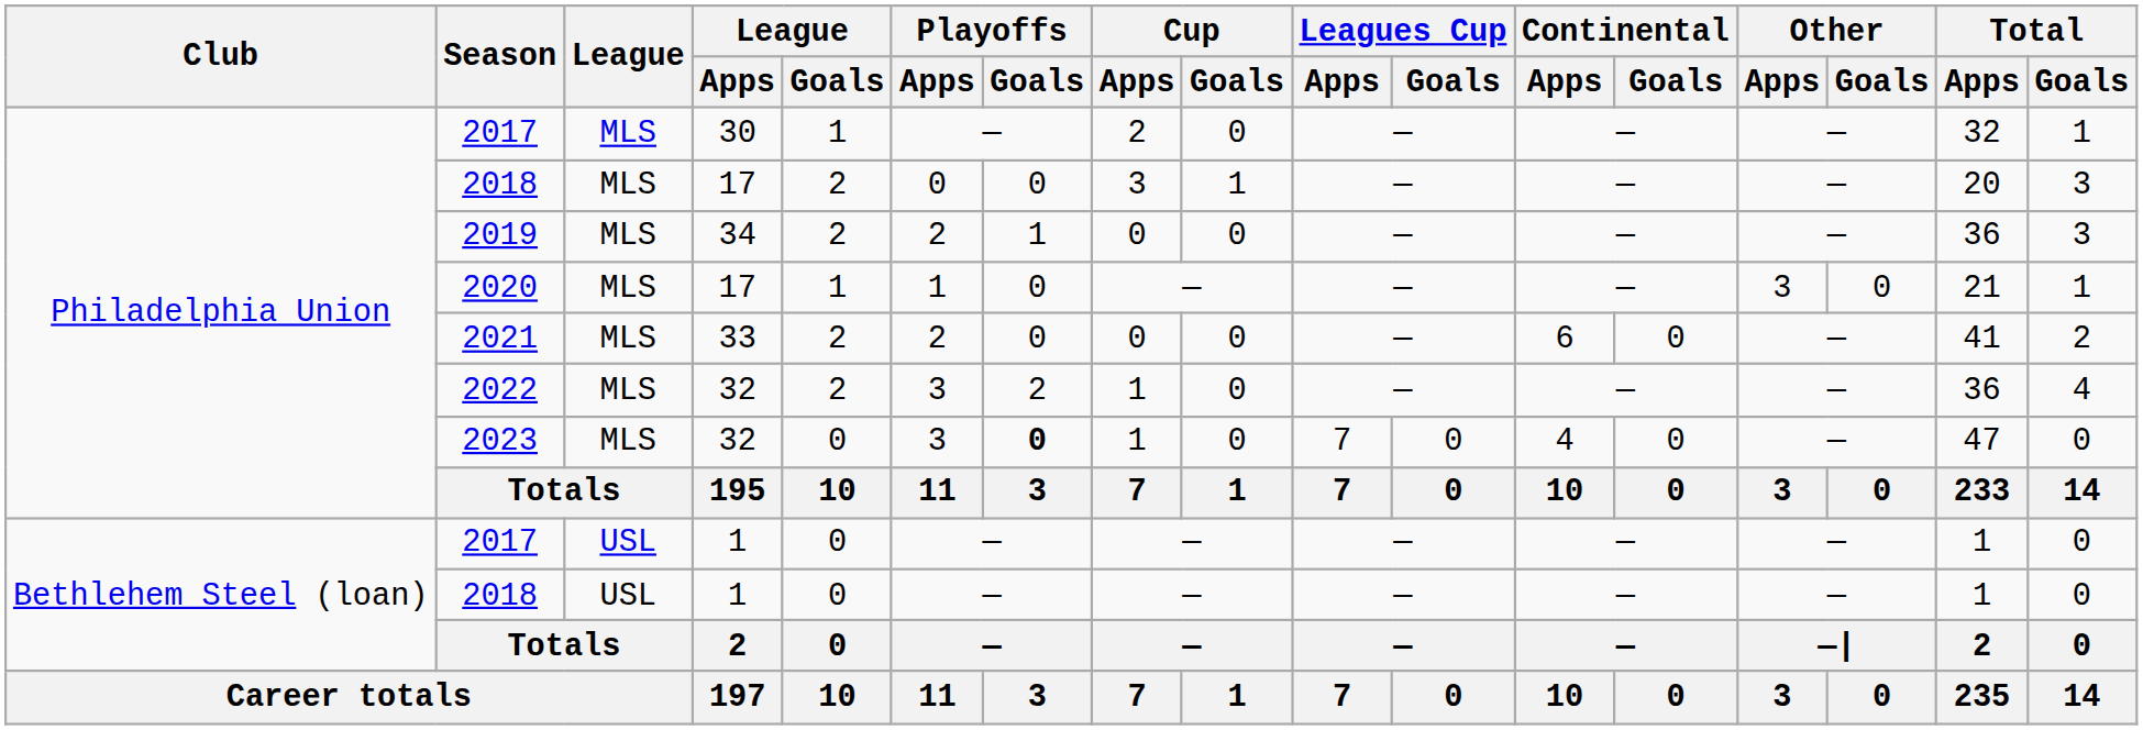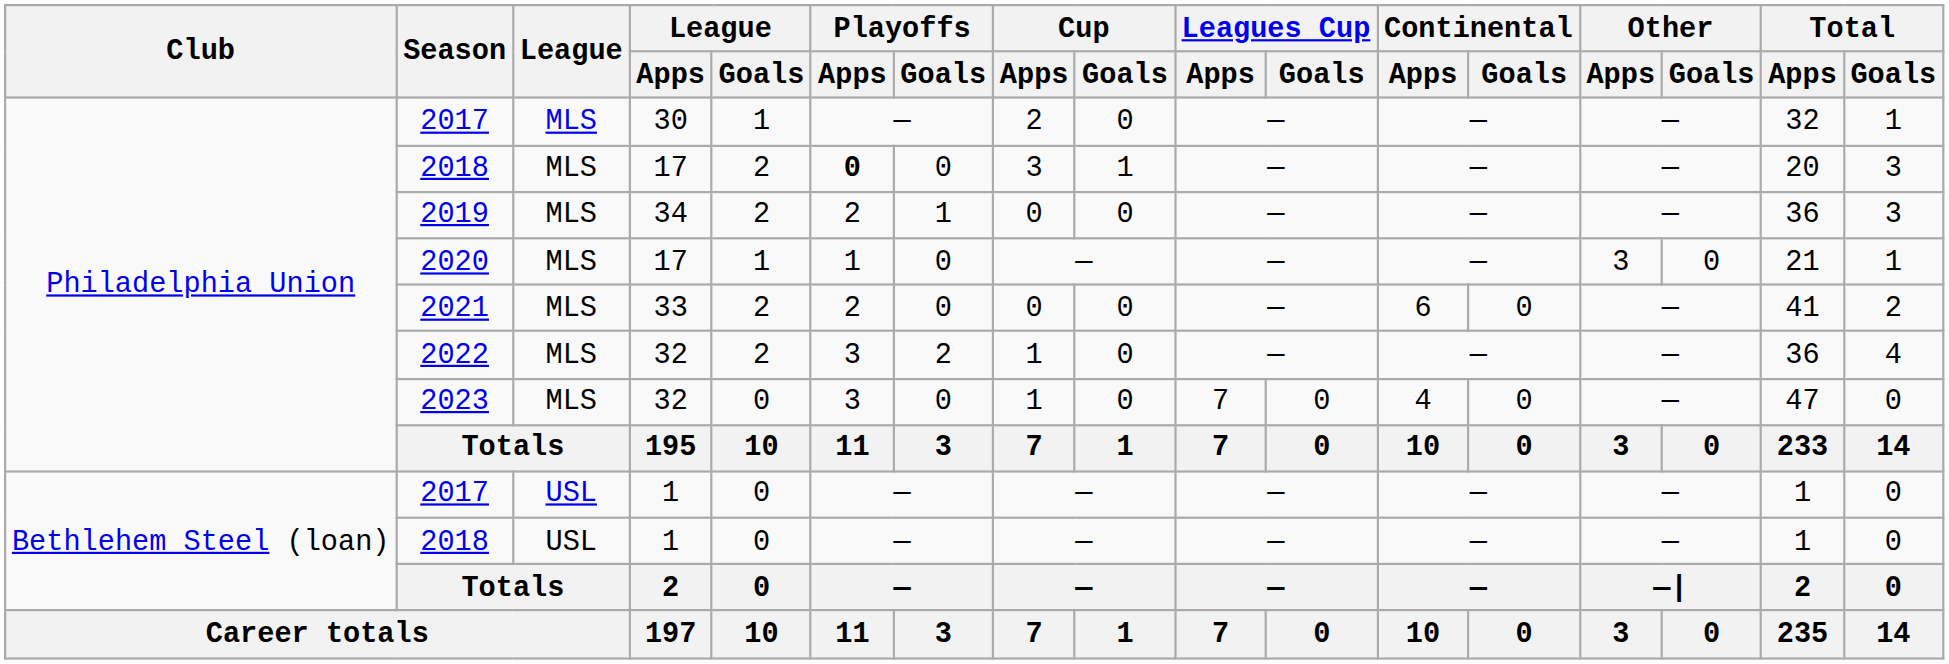 <table class="wikitable" Style="text-align: center">
 <tr>
 <th rowspan="2">Club</th>
 <th rowspan="2">Season</th>
 <th rowspan="2">League</th>
 <th colspan="2">League</th>
 <th colspan="2">Playoffs</th>
 <th colspan="2">Cup</th>
 <th colspan="2"><a href='#'>Leagues Cup</a></th>
 <th colspan="2">Continental</th>
 <th colspan="2">Other</th>
 <th colspan="2">Total</th>
 </tr>
 <tr>
 <th>Apps</th>
 <th>Goals</th>
 <th>Apps</th>
 <th>Goals</th>
 <th>Apps</th>
 <th>Goals</th>
 <th>Apps</th>
 <th>Goals</th>
 <th>Apps</th>
 <th>Goals</th>
 <th>Apps</th>
 <th>Goals</th>
 <th>Apps</th>
 <th>Goals</th>
 </tr>
 <tr>
 <td rowspan="8"><a href='#'>Philadelphia Union</a></td>
 <td><a href='#'>2017</a></td>
 <td><a href='#'>MLS</a></td>
 <td>30</td>
 <td>1</td>
 <td colspan="2">—</td>
 <td>2</td>
 <td>0</td>
 <td colspan="2">—</td>
 <td colspan="2">—</td>
 <td colspan="2">—</td>
 <td>32</td>
 <td>1</td>
 </tr>
 <tr>
 <td><a href='#'>2018</a></td>
 <td>MLS</td>
 <td>17</td>
 <td>2</td>
-<td>0</td>
+<td><strong>0</strong></td>
 <td>0</td>
 <td>3</td>
 <td>1</td>
 <td colspan="2">—</td>
 <td colspan="2">—</td>
 <td colspan="2">—</td>
 <td>20</td>
 <td>3</td>
 </tr>
 <tr>
 <td><a href='#'>2019</a></td>
 <td>MLS</td>
 <td>34</td>
 <td>2</td>
 <td>2</td>
 <td>1</td>
 <td>0</td>
 <td>0</td>
 <td colspan="2">—</td>
 <td colspan="2">—</td>
 <td colspan="2">—</td>
 <td>36</td>
 <td>3</td>
 </tr>
 <tr>
 <td><a href='#'>2020</a></td>
 <td>MLS</td>
 <td>17</td>
 <td>1</td>
 <td>1</td>
 <td>0</td>
 <td colspan="2">—</td>
 <td colspan="2">—</td>
 <td colspan="2">—</td>
 <td>3</td>
 <td>0</td>
 <td>21</td>
 <td>1</td>
 </tr>
 <tr>
 <td><a href='#'>2021</a></td>
 <td>MLS</td>
 <td>33</td>
 <td>2</td>
 <td>2</td>
 <td>0</td>
 <td>0</td>
 <td>0</td>
 <td colspan="2">—</td>
 <td>6</td>
 <td>0</td>
 <td colspan="2">—</td>
 <td>41</td>
 <td>2</td>
 </tr>
 <tr>
 <td><a href='#'>2022</a></td>
 <td>MLS</td>
 <td>32</td>
 <td>2</td>
 <td>3</td>
 <td>2</td>
 <td>1</td>
 <td>0</td>
 <td colspan="2">—</td>
 <td colspan="2">—</td>
 <td colspan="2">—</td>
 <td>36</td>
 <td>4</td>
 </tr>
 <tr>
 <td><a href='#'>2023</a></td>
 <td>MLS</td>
 <td>32</td>
 <td>0</td>
 <td>3</td>
-<td><strong>0</strong></td>
+<td>0</td>
 <td>1</td>
 <td>0</td>
 <td>7</td>
 <td>0</td>
 <td>4</td>
 <td>0</td>
 <td colspan="2">—</td>
 <td>47</td>
 <td>0</td>
 </tr>
 <tr>
 <th colspan="2">Totals</th>
 <th>195</th>
 <th>10</th>
 <th>11</th>
 <th>3</th>
 <th>7</th>
 <th>1</th>
 <th>7</th>
 <th>0</th>
 <th>10</th>
 <th>0</th>
 <th>3</th>
 <th>0</th>
 <th>233</th>
 <th>14</th>
 </tr>
 <tr>
 <td rowspan="3"><a href='#'>Bethlehem Steel</a> (loan)</td>
 <td><a href='#'>2017</a></td>
 <td><a href='#'>USL</a></td>
 <td>1</td>
 <td>0</td>
 <td colspan="2">—</td>
 <td colspan="2">—</td>
 <td colspan="2">—</td>
 <td colspan="2">—</td>
 <td colspan="2">—</td>
 <td>1</td>
 <td>0</td>
 </tr>
 <tr>
 <td><a href='#'>2018</a></td>
 <td>USL</td>
 <td>1</td>
 <td>0</td>
 <td colspan="2">—</td>
 <td colspan="2">—</td>
 <td colspan="2">—</td>
 <td colspan="2">—</td>
 <td colspan="2">—</td>
 <td>1</td>
 <td>0</td>
 </tr>
 <tr>
 <th colspan="2">Totals</th>
 <th>2</th>
 <th>0</th>
 <th colspan="2">—</th>
 <th colspan="2">—</th>
 <th colspan="2">—</th>
 <th colspan="2">—</th>
 <th colspan="2">—|</th>
 <th>2</th>
 <th>0</th>
 </tr>
 <tr>
 <th colspan="3">Career totals</th>
 <th>197</th>
 <th>10</th>
 <th>11</th>
 <th>3</th>
 <th>7</th>
 <th>1</th>
 <th>7</th>
 <th>0</th>
 <th>10</th>
 <th>0</th>
 <th>3</th>
 <th>0</th>
 <th>235</th>
 <th>14</th>
 </tr>
 </table>
